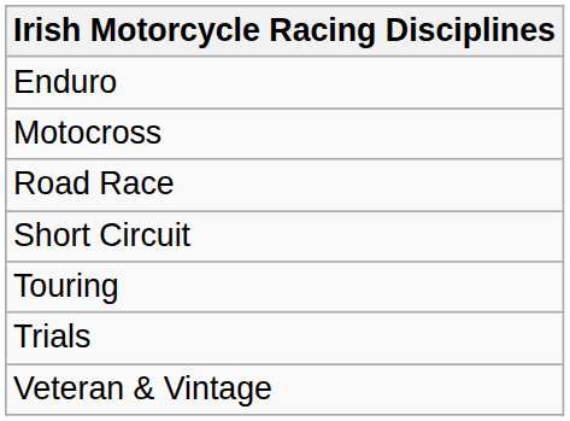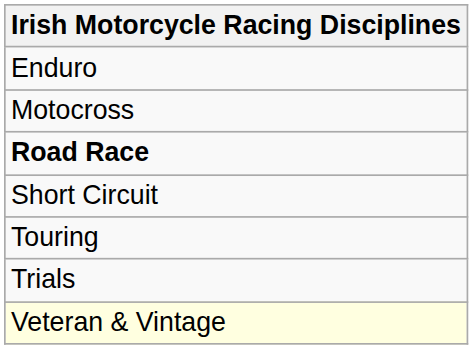 <table class="wikitable">
 <tr>
 <th>Irish Motorcycle Racing Disciplines</th>
 </tr>
 <tr>
 <td>Enduro</td>
 </tr>
 <tr>
 <td>Motocross</td>
 </tr>
 <tr>
-<td>Road Race</td>
+<td><strong>Road Race</strong></td>
 </tr>
 <tr>
 <td>Short Circuit</td>
 </tr>
 <tr>
 <td>Touring</td>
 </tr>
 <tr>
 <td>Trials</td>
 </tr>
 <tr>
-<td>Veteran & Vintage</td>
+<td style="background: lightyellow;">Veteran & Vintage</td>
 </tr>
 </table>
